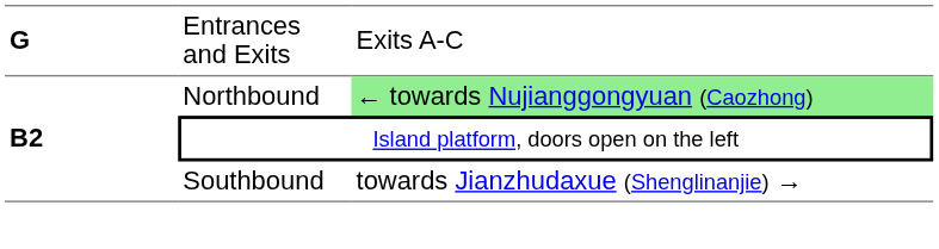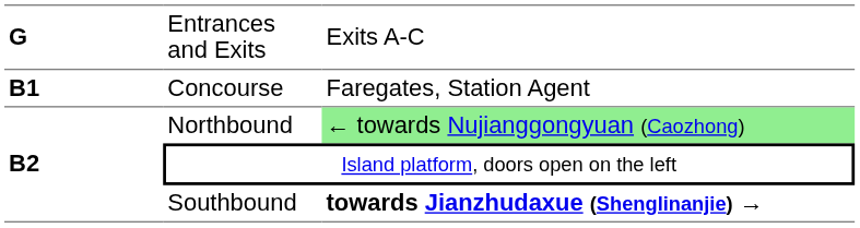 <table cellspacing=0 cellpadding=3>
 <tr>
 <td style="border-top:solid 1px gray;border-bottom:solid 1px gray;" width=100><strong>G</strong></td>
 <td style="border-top:solid 1px gray;border-bottom:solid 1px gray;" width=100>Entrances and Exits</td>
 <td style="border-top:solid 1px gray;border-bottom:solid 1px gray;" width=350>Exits A-C</td>
+</tr>
+<tr>
+<td style="border-bottom:solid 1px gray;"><strong>B1</strong></td>
+<td style="border-bottom:solid 1px gray;">Concourse</td>
+<td style="border-bottom:solid 1px gray;">Faregates, Station Agent</td>
 </tr>
 <tr>
 <td style="border-bottom:solid 1px gray;" rowspan=3><strong>B2</strong></td>
 <td>Northbound</td>
 <td style="background: lightgreen;">←  towards <a href='#'>Nujianggongyuan</a> <small>(<a href='#'>Caozhong</a>)</small></td>
 </tr>
 <tr>
 <td style="border-right:solid 2px black;border-left:solid 2px black;border-top:solid 2px black;border-bottom:solid 2px black;text-align:center;" colspan=2><small><a href='#'>Island platform</a>, doors open on the left</small></td>
 </tr>
 <tr>
 <td style="border-bottom:solid 1px gray;">Southbound</td>
-<td style="border-bottom:solid 1px gray;">  towards <a href='#'>Jianzhudaxue</a> <small>(<a href='#'>Shenglinanjie</a>)</small> →</td>
+<td style="border-bottom:solid 1px gray;"><strong>  towards <a href='#'>Jianzhudaxue</a> <small>(<a href='#'>Shenglinanjie</a>)</small> →</strong></td>
 </tr>
 </table>
